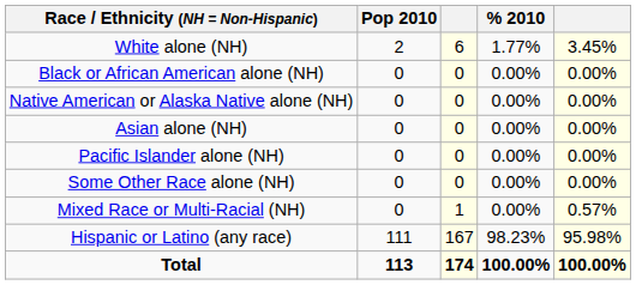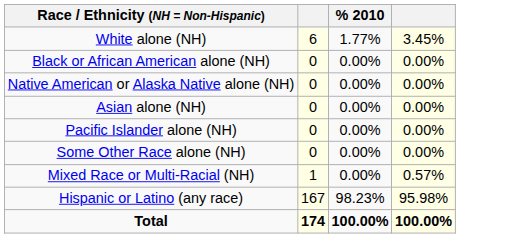 <table class="wikitable" style="text-align:center;">
 <tr>
 <th>Race / Ethnicity <small>(<em>NH = Non-Hispanic</em>)</small></th>
-<th>Pop 2010</th>
 <th></th>
 <th>% 2010</th>
 <th></th>
 </tr>
 <tr>
 <td><a href='#'>White</a> alone (NH)</td>
-<td>2</td>
 <td style='background: #ffffe6;'>6</td>
 <td>1.77%</td>
 <td style='background: #ffffe6;'>3.45%</td>
 </tr>
 <tr>
 <td><a href='#'>Black or African American</a> alone (NH)</td>
-<td>0</td>
 <td style='background: #ffffe6;'>0</td>
 <td>0.00%</td>
 <td style='background: #ffffe6;'>0.00%</td>
 </tr>
 <tr>
 <td><a href='#'>Native American</a> or <a href='#'>Alaska Native</a> alone (NH)</td>
-<td>0</td>
 <td style='background: #ffffe6;'>0</td>
 <td>0.00%</td>
 <td style='background: #ffffe6;'>0.00%</td>
 </tr>
 <tr>
 <td><a href='#'>Asian</a> alone (NH)</td>
-<td>0</td>
 <td style='background: #ffffe6;'>0</td>
 <td>0.00%</td>
 <td style='background: #ffffe6;'>0.00%</td>
 </tr>
 <tr>
 <td><a href='#'>Pacific Islander</a> alone (NH)</td>
-<td>0</td>
 <td style='background: #ffffe6;'>0</td>
 <td>0.00%</td>
 <td style='background: #ffffe6;'>0.00%</td>
 </tr>
 <tr>
 <td><a href='#'>Some Other Race</a> alone (NH)</td>
-<td>0</td>
 <td style='background: #ffffe6;'>0</td>
 <td>0.00%</td>
 <td style='background: #ffffe6;'>0.00%</td>
 </tr>
 <tr>
 <td><a href='#'>Mixed Race or Multi-Racial</a> (NH)</td>
-<td>0</td>
 <td style='background: #ffffe6;'>1</td>
 <td>0.00%</td>
 <td style='background: #ffffe6;'>0.57%</td>
 </tr>
 <tr>
 <td><a href='#'>Hispanic or Latino</a> (any race)</td>
-<td>111</td>
 <td style='background: #ffffe6;'>167</td>
 <td>98.23%</td>
 <td style='background: #ffffe6;'>95.98%</td>
 </tr>
 <tr>
 <td><strong>Total</strong></td>
-<td><strong>113</strong></td>
 <td style='background: #ffffe6;'><strong>174</strong></td>
 <td><strong>100.00%</strong></td>
 <td style='background: #ffffe6;'><strong>100.00%</strong></td>
 </tr>
 </table>
